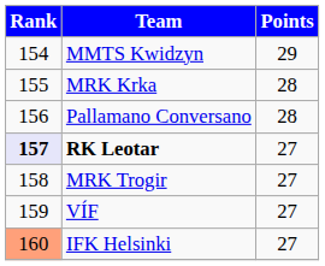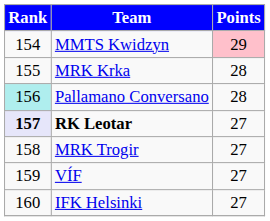 <table class="wikitable" style="text-align: center">
 <tr>
 <th style="color:#FFFFFF; background:#0000FF">Rank</th>
 <th style="color:#FFFFFF; background:#0000FF">Team</th>
 <th style="color:#FFFFFF; background:#0000FF">Points</th>
 </tr>
 <tr>
 <td>154</td>
 <td align=left> <a href='#'>MMTS Kwidzyn</a></td>
-<td>29</td>
+<td style="background: pink;">29</td>
 </tr>
 <tr>
 <td>155</td>
 <td align=left> <a href='#'>MRK Krka</a></td>
 <td>28</td>
 </tr>
 <tr>
-<td>156</td>
+<td style="background: paleturquoise;">156</td>
 <td align=left> <a href='#'>Pallamano Conversano</a></td>
 <td>28</td>
 </tr>
 <tr>
 <td style="background: lavender;"><strong>157</strong></td>
 <td align=left> <strong>RK Leotar</strong></td>
 <td>27</td>
 </tr>
 <tr>
 <td>158</td>
 <td align=left> <a href='#'>MRK Trogir</a></td>
 <td>27</td>
 </tr>
 <tr>
 <td>159</td>
 <td align=left> <a href='#'>VÍF</a></td>
 <td>27</td>
 </tr>
 <tr>
-<td style="background: lightsalmon;">160</td>
+<td>160</td>
 <td align=left> <a href='#'>IFK Helsinki</a></td>
 <td>27</td>
 </tr>
 <tr>
 </tr>
 </table>
